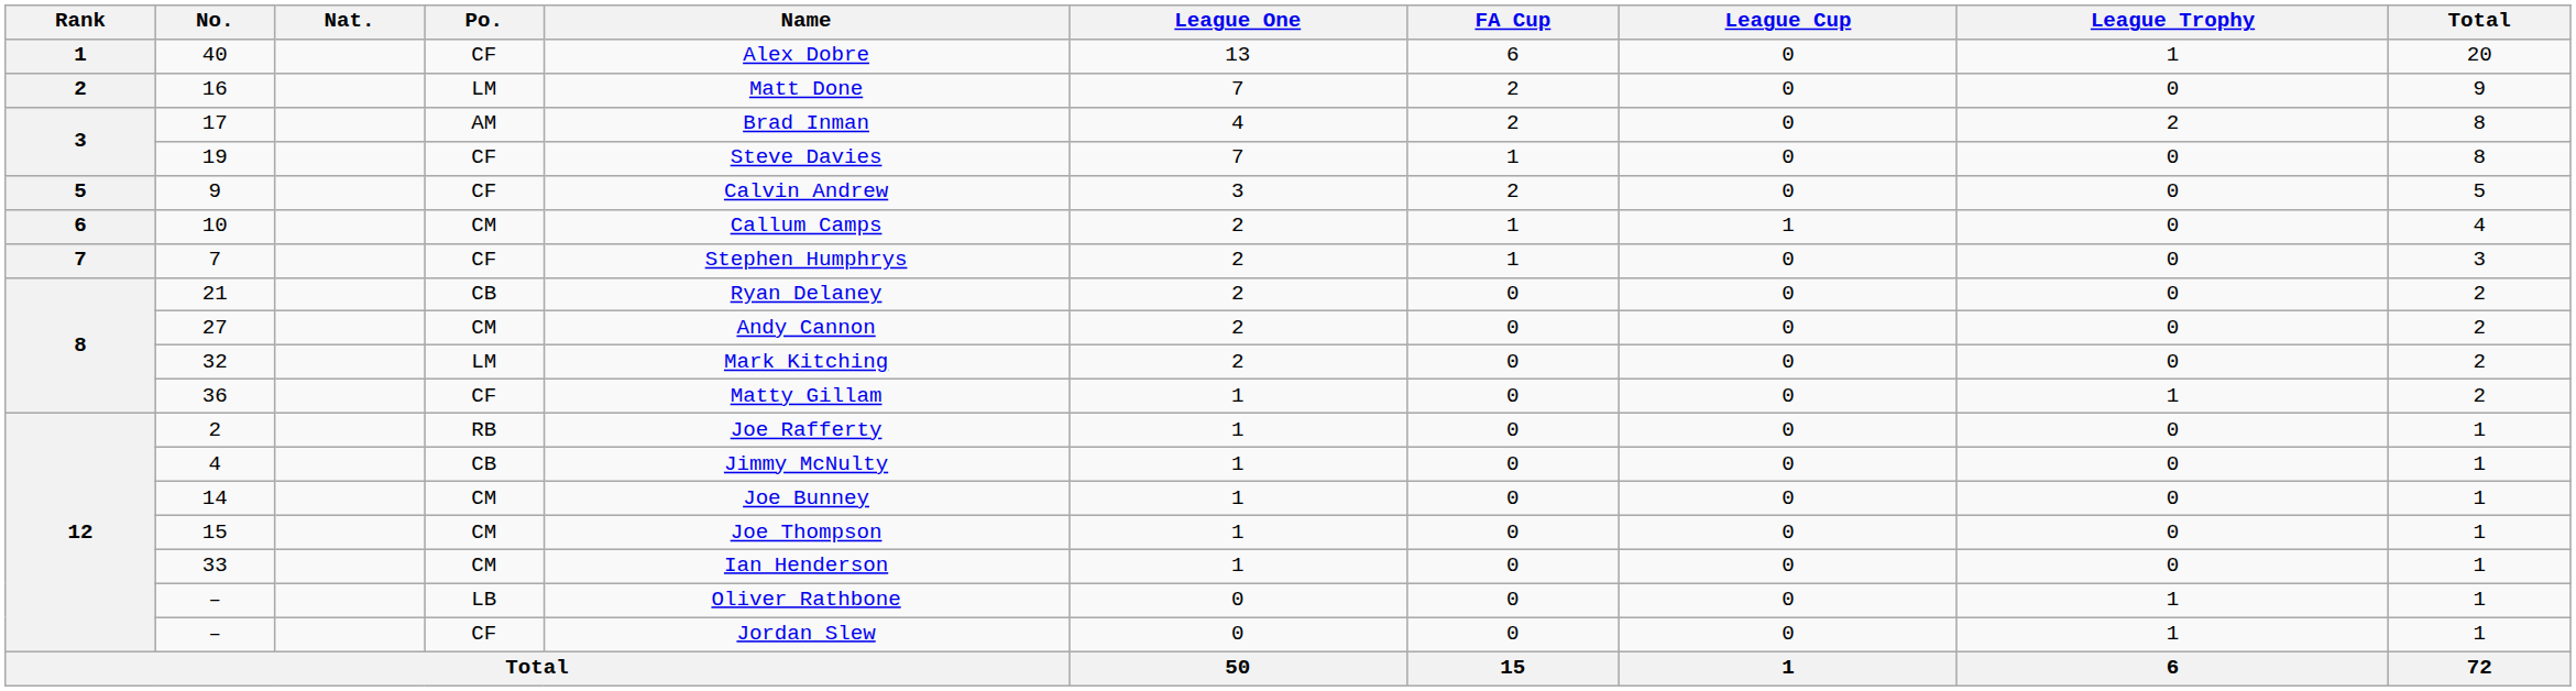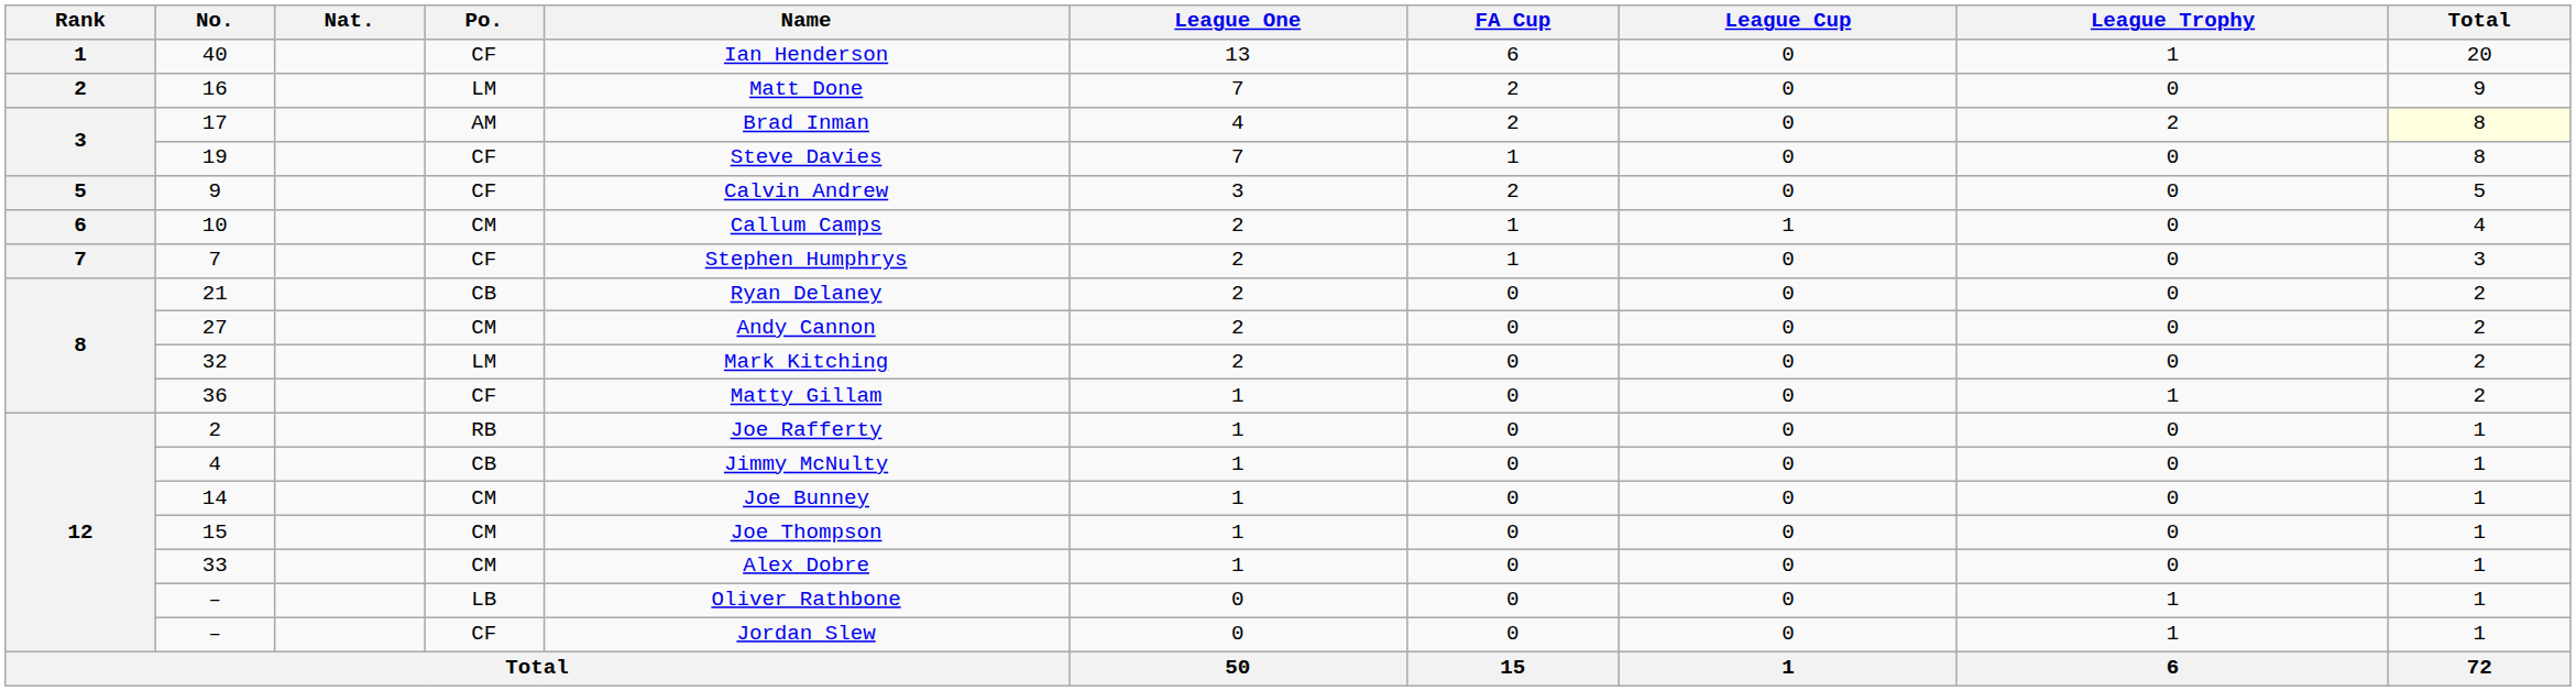 <table class="wikitable" style="text-align:center; font-size:95%; width:95%;">
 <tr>
 <th>Rank</th>
 <th>No.</th>
 <th>Nat.</th>
 <th>Po.</th>
 <th>Name</th>
 <th><a href='#'>League One</a></th>
 <th><a href='#'>FA Cup</a></th>
 <th><a href='#'>League Cup</a></th>
 <th><a href='#'>League Trophy</a></th>
 <th>Total</th>
 </tr>
 <tr>
 <th rowspan=1>1</th>
 <td>40</td>
 <td></td>
 <td>CF</td>
-<td><a href='#'>Alex Dobre</a></td>
+<td><a href='#'>Ian Henderson</a></td>
 <td>13</td>
 <td>6</td>
 <td>0</td>
 <td>1</td>
 <td>20</td>
 </tr>
 <tr>
 <th rowspan=1>2</th>
 <td>16</td>
 <td></td>
 <td>LM</td>
 <td><a href='#'>Matt Done</a></td>
 <td>7</td>
 <td>2</td>
 <td>0</td>
 <td>0</td>
 <td>9</td>
 </tr>
 <tr>
 <th rowspan=2>3</th>
 <td>17</td>
 <td></td>
 <td>AM</td>
 <td><a href='#'>Brad Inman</a></td>
 <td>4</td>
 <td>2</td>
 <td>0</td>
 <td>2</td>
-<td>8</td>
+<td style="background: lightyellow;">8</td>
 </tr>
 <tr>
 <td>19</td>
 <td></td>
 <td>CF</td>
 <td><a href='#'>Steve Davies</a></td>
 <td>7</td>
 <td>1</td>
 <td>0</td>
 <td>0</td>
 <td>8</td>
 </tr>
 <tr>
 <th rowspan=1>5</th>
 <td>9</td>
 <td></td>
 <td>CF</td>
 <td><a href='#'>Calvin Andrew</a></td>
 <td>3</td>
 <td>2</td>
 <td>0</td>
 <td>0</td>
 <td>5</td>
 </tr>
 <tr>
 <th rowspan=1>6</th>
 <td>10</td>
 <td></td>
 <td>CM</td>
 <td><a href='#'>Callum Camps</a></td>
 <td>2</td>
 <td>1</td>
 <td>1</td>
 <td>0</td>
 <td>4</td>
 </tr>
 <tr>
 <th rowpsan=1>7</th>
 <td>7</td>
 <td></td>
 <td>CF</td>
 <td><a href='#'>Stephen Humphrys</a></td>
 <td>2</td>
 <td>1</td>
 <td>0</td>
 <td>0</td>
 <td>3</td>
 </tr>
 <tr>
 <th rowspan=4>8</th>
 <td>21</td>
 <td></td>
 <td>CB</td>
 <td><a href='#'>Ryan Delaney</a></td>
 <td>2</td>
 <td>0</td>
 <td>0</td>
 <td>0</td>
 <td>2</td>
 </tr>
 <tr>
 <td>27</td>
 <td></td>
 <td>CM</td>
 <td><a href='#'>Andy Cannon</a></td>
 <td>2</td>
 <td>0</td>
 <td>0</td>
 <td>0</td>
 <td>2</td>
 </tr>
 <tr>
 <td>32</td>
 <td></td>
 <td>LM</td>
 <td><a href='#'>Mark Kitching</a></td>
 <td>2</td>
 <td>0</td>
 <td>0</td>
 <td>0</td>
 <td>2</td>
 </tr>
 <tr>
 <td>36</td>
 <td></td>
 <td>CF</td>
 <td><a href='#'>Matty Gillam</a></td>
 <td>1</td>
 <td>0</td>
 <td>0</td>
 <td>1</td>
 <td>2</td>
 </tr>
 <tr>
 <th rowspan=7>12</th>
 <td>2</td>
 <td></td>
 <td>RB</td>
 <td><a href='#'>Joe Rafferty</a></td>
 <td>1</td>
 <td>0</td>
 <td>0</td>
 <td>0</td>
 <td>1</td>
 </tr>
 <tr>
 <td>4</td>
 <td></td>
 <td>CB</td>
 <td><a href='#'>Jimmy McNulty</a></td>
 <td>1</td>
 <td>0</td>
 <td>0</td>
 <td>0</td>
 <td>1</td>
 </tr>
 <tr>
 <td>14</td>
 <td></td>
 <td>CM</td>
 <td><a href='#'>Joe Bunney</a></td>
 <td>1</td>
 <td>0</td>
 <td>0</td>
 <td>0</td>
 <td>1</td>
 </tr>
 <tr>
 <td>15</td>
 <td></td>
 <td>CM</td>
 <td><a href='#'>Joe Thompson</a></td>
 <td>1</td>
 <td>0</td>
 <td>0</td>
 <td>0</td>
 <td>1</td>
 </tr>
 <tr>
 <td>33</td>
 <td></td>
 <td>CM</td>
-<td><a href='#'>Ian Henderson</a></td>
+<td><a href='#'>Alex Dobre</a></td>
 <td>1</td>
 <td>0</td>
 <td>0</td>
 <td>0</td>
 <td>1</td>
 </tr>
 <tr>
 <td>–</td>
 <td></td>
 <td>LB</td>
 <td><a href='#'>Oliver Rathbone</a></td>
 <td>0</td>
 <td>0</td>
 <td>0</td>
 <td>1</td>
 <td>1</td>
 </tr>
 <tr>
 <td>–</td>
 <td></td>
 <td>CF</td>
 <td><a href='#'>Jordan Slew</a></td>
 <td>0</td>
 <td>0</td>
 <td>0</td>
 <td>1</td>
 <td>1</td>
 </tr>
 <tr>
 <th colspan=5>Total</th>
 <th>50</th>
 <th>15</th>
 <th>1</th>
 <th>6</th>
 <th>72</th>
 </tr>
 </table>
